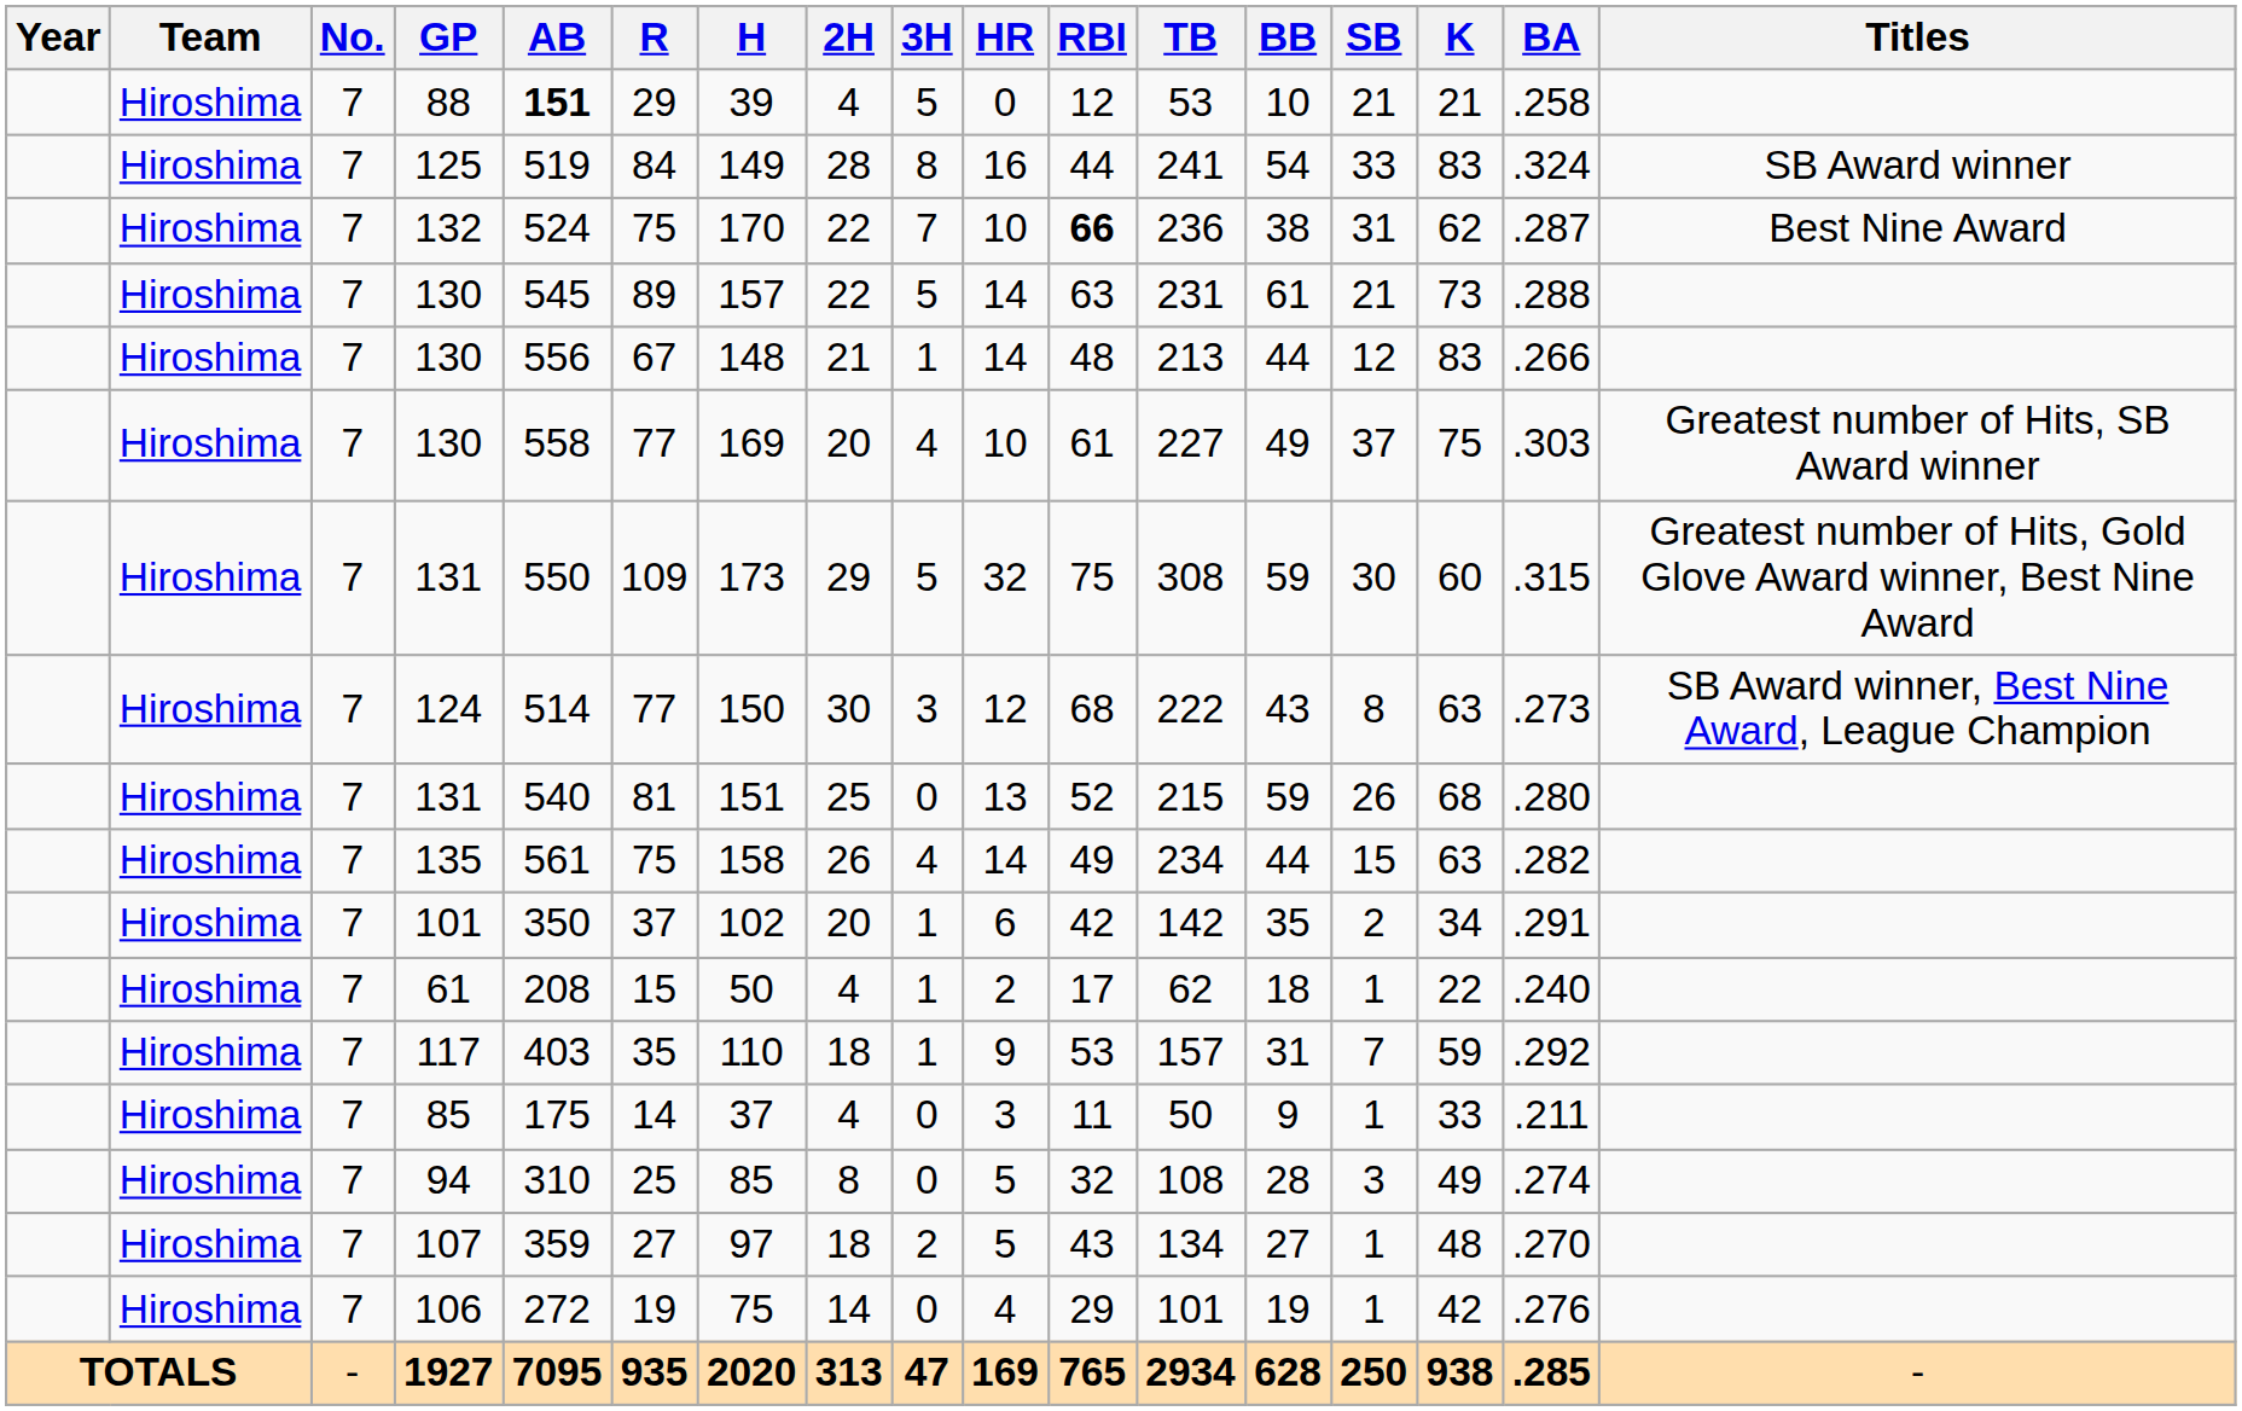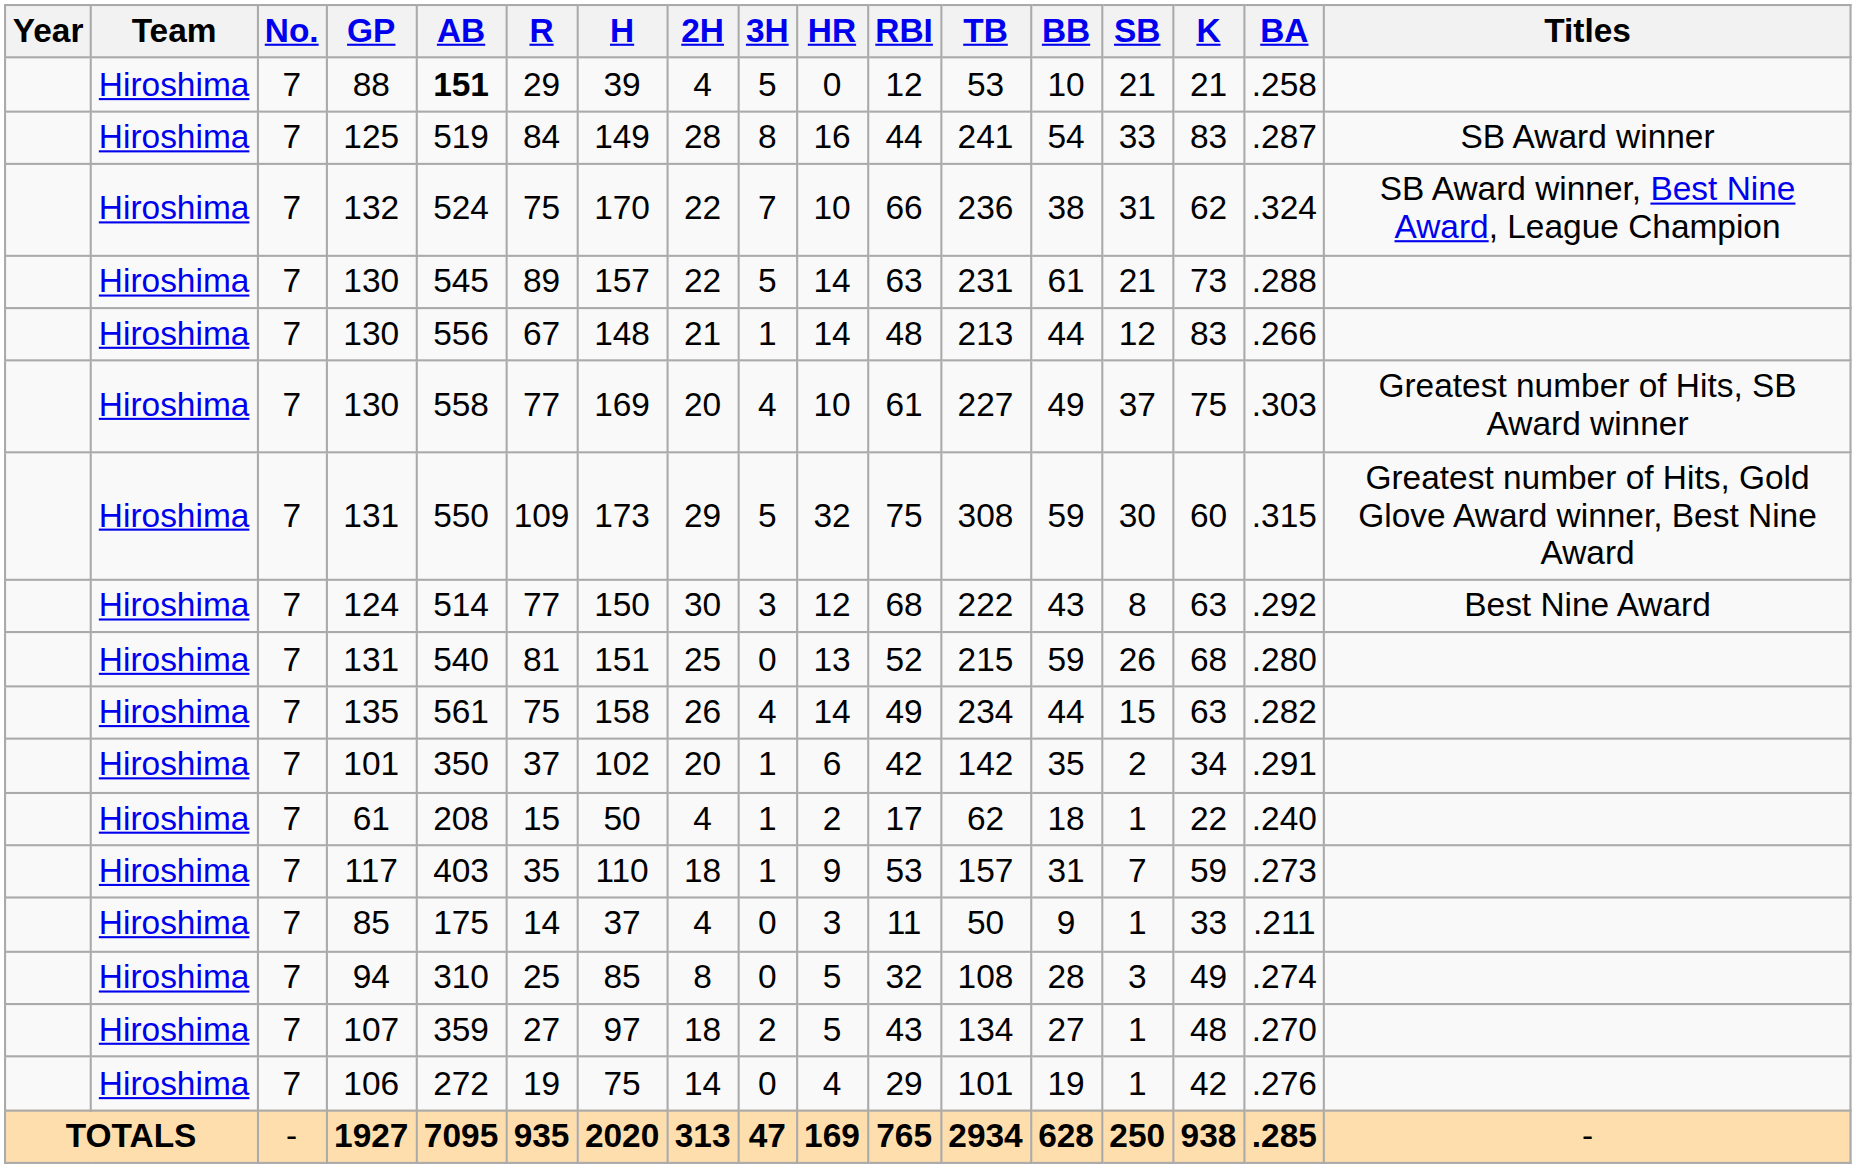 <table class="wikitable" style="margin:1em auto;">
 <tr>
 <th>Year</th>
 <th>Team</th>
 <th><a href='#'>No.</a></th>
 <th><a href='#'>GP</a></th>
 <th><a href='#'>AB</a></th>
 <th><a href='#'>R</a></th>
 <th><a href='#'>H</a></th>
 <th><a href='#'>2H</a></th>
 <th><a href='#'>3H</a></th>
 <th><a href='#'>HR</a></th>
 <th><a href='#'>RBI</a></th>
 <th><a href='#'>TB</a></th>
 <th><a href='#'>BB</a></th>
 <th><a href='#'>SB</a></th>
 <th><a href='#'>K</a></th>
 <th><a href='#'>BA</a></th>
 <th>Titles</th>
 </tr>
 <tr align=center>
 <td></td>
 <td><a href='#'>Hiroshima</a></td>
 <td>7</td>
 <td>88</td>
 <td><strong>151</strong></td>
 <td>29</td>
 <td>39</td>
 <td>4</td>
 <td>5</td>
 <td>0</td>
 <td>12</td>
 <td>53</td>
 <td>10</td>
 <td>21</td>
 <td>21</td>
 <td>.258</td>
 <td></td>
 </tr>
 <tr align=center>
 <td></td>
 <td><a href='#'>Hiroshima</a></td>
 <td>7</td>
 <td>125</td>
 <td>519</td>
 <td>84</td>
 <td>149</td>
 <td>28</td>
 <td>8</td>
 <td>16</td>
 <td>44</td>
 <td>241</td>
 <td>54</td>
 <td>33</td>
 <td>83</td>
-<td>.324</td>
+<td>.287</td>
 <td>SB Award winner</td>
 </tr>
 <tr align=center>
 <td></td>
 <td><a href='#'>Hiroshima</a></td>
 <td>7</td>
 <td>132</td>
 <td>524</td>
 <td>75</td>
 <td>170</td>
 <td>22</td>
 <td>7</td>
 <td>10</td>
-<td><strong>66</strong></td>
+<td>66</td>
 <td>236</td>
 <td>38</td>
 <td>31</td>
 <td>62</td>
-<td>.287</td>
-<td>Best Nine Award</td>
+<td>.324</td>
+<td>SB Award winner, <a href='#'>Best Nine Award</a>, League Champion</td>
 </tr>
 <tr align=center>
 <td></td>
 <td><a href='#'>Hiroshima</a></td>
 <td>7</td>
 <td>130</td>
 <td>545</td>
 <td>89</td>
 <td>157</td>
 <td>22</td>
 <td>5</td>
 <td>14</td>
 <td>63</td>
 <td>231</td>
 <td>61</td>
 <td>21</td>
 <td>73</td>
 <td>.288</td>
 <td></td>
 </tr>
 <tr align=center>
 <td></td>
 <td><a href='#'>Hiroshima</a></td>
 <td>7</td>
 <td>130</td>
 <td>556</td>
 <td>67</td>
 <td>148</td>
 <td>21</td>
 <td>1</td>
 <td>14</td>
 <td>48</td>
 <td>213</td>
 <td>44</td>
 <td>12</td>
 <td>83</td>
 <td>.266</td>
 <td></td>
 </tr>
 <tr align=center>
 <td></td>
 <td><a href='#'>Hiroshima</a></td>
 <td>7</td>
 <td>130</td>
 <td>558</td>
 <td>77</td>
 <td>169</td>
 <td>20</td>
 <td>4</td>
 <td>10</td>
 <td>61</td>
 <td>227</td>
 <td>49</td>
 <td>37</td>
 <td>75</td>
 <td>.303</td>
 <td>Greatest number of Hits, SB Award winner</td>
 </tr>
 <tr align=center>
 <td></td>
 <td><a href='#'>Hiroshima</a></td>
 <td>7</td>
 <td>131</td>
 <td>550</td>
 <td>109</td>
 <td>173</td>
 <td>29</td>
 <td>5</td>
 <td>32</td>
 <td>75</td>
 <td>308</td>
 <td>59</td>
 <td>30</td>
 <td>60</td>
 <td>.315</td>
 <td>Greatest number of Hits, Gold Glove Award winner, Best Nine Award</td>
 </tr>
 <tr align=center>
 <td></td>
 <td><a href='#'>Hiroshima</a></td>
 <td>7</td>
 <td>124</td>
 <td>514</td>
 <td>77</td>
 <td>150</td>
 <td>30</td>
 <td>3</td>
 <td>12</td>
 <td>68</td>
 <td>222</td>
 <td>43</td>
 <td>8</td>
 <td>63</td>
-<td>.273</td>
-<td>SB Award winner, <a href='#'>Best Nine Award</a>, League Champion</td>
+<td>.292</td>
+<td>Best Nine Award</td>
 </tr>
 <tr align=center>
 <td></td>
 <td><a href='#'>Hiroshima</a></td>
 <td>7</td>
 <td>131</td>
 <td>540</td>
 <td>81</td>
 <td>151</td>
 <td>25</td>
 <td>0</td>
 <td>13</td>
 <td>52</td>
 <td>215</td>
 <td>59</td>
 <td>26</td>
 <td>68</td>
 <td>.280</td>
 <td></td>
 </tr>
 <tr align=center>
 <td></td>
 <td><a href='#'>Hiroshima</a></td>
 <td>7</td>
 <td>135</td>
 <td>561</td>
 <td>75</td>
 <td>158</td>
 <td>26</td>
 <td>4</td>
 <td>14</td>
 <td>49</td>
 <td>234</td>
 <td>44</td>
 <td>15</td>
 <td>63</td>
 <td>.282</td>
 <td></td>
 </tr>
 <tr align=center>
 <td></td>
 <td><a href='#'>Hiroshima</a></td>
 <td>7</td>
 <td>101</td>
 <td>350</td>
 <td>37</td>
 <td>102</td>
 <td>20</td>
 <td>1</td>
 <td>6</td>
 <td>42</td>
 <td>142</td>
 <td>35</td>
 <td>2</td>
 <td>34</td>
 <td>.291</td>
 <td></td>
 </tr>
 <tr align=center>
 <td></td>
 <td><a href='#'>Hiroshima</a></td>
 <td>7</td>
 <td>61</td>
 <td>208</td>
 <td>15</td>
 <td>50</td>
 <td>4</td>
 <td>1</td>
 <td>2</td>
 <td>17</td>
 <td>62</td>
 <td>18</td>
 <td>1</td>
 <td>22</td>
 <td>.240</td>
 <td></td>
 </tr>
 <tr align=center>
 <td></td>
 <td><a href='#'>Hiroshima</a></td>
 <td>7</td>
 <td>117</td>
 <td>403</td>
 <td>35</td>
 <td>110</td>
 <td>18</td>
 <td>1</td>
 <td>9</td>
 <td>53</td>
 <td>157</td>
 <td>31</td>
 <td>7</td>
 <td>59</td>
-<td>.292</td>
+<td>.273</td>
 <td></td>
 </tr>
 <tr align=center>
 <td></td>
 <td><a href='#'>Hiroshima</a></td>
 <td>7</td>
 <td>85</td>
 <td>175</td>
 <td>14</td>
 <td>37</td>
 <td>4</td>
 <td>0</td>
 <td>3</td>
 <td>11</td>
 <td>50</td>
 <td>9</td>
 <td>1</td>
 <td>33</td>
 <td>.211</td>
 <td></td>
 </tr>
 <tr align=center>
 <td></td>
 <td><a href='#'>Hiroshima</a></td>
 <td>7</td>
 <td>94</td>
 <td>310</td>
 <td>25</td>
 <td>85</td>
 <td>8</td>
 <td>0</td>
 <td>5</td>
 <td>32</td>
 <td>108</td>
 <td>28</td>
 <td>3</td>
 <td>49</td>
 <td>.274</td>
 <td></td>
 </tr>
 <tr align=center>
 <td></td>
 <td><a href='#'>Hiroshima</a></td>
 <td>7</td>
 <td>107</td>
 <td>359</td>
 <td>27</td>
 <td>97</td>
 <td>18</td>
 <td>2</td>
 <td>5</td>
 <td>43</td>
 <td>134</td>
 <td>27</td>
 <td>1</td>
 <td>48</td>
 <td>.270</td>
 <td></td>
 </tr>
 <tr align=center>
 <td></td>
 <td><a href='#'>Hiroshima</a></td>
 <td>7</td>
 <td>106</td>
 <td>272</td>
 <td>19</td>
 <td>75</td>
 <td>14</td>
 <td>0</td>
 <td>4</td>
 <td>29</td>
 <td>101</td>
 <td>19</td>
 <td>1</td>
 <td>42</td>
 <td>.276</td>
 <td></td>
 </tr>
 <tr align=center style="background: #ffdead;">
 <td colspan=2><strong>TOTALS</strong></td>
 <td>-</td>
 <td><strong>1927</strong></td>
 <td><strong>7095</strong></td>
 <td><strong>935</strong></td>
 <td><strong>2020</strong></td>
 <td><strong>313</strong></td>
 <td><strong>47</strong></td>
 <td><strong>169</strong></td>
 <td><strong>765</strong></td>
 <td><strong>2934</strong></td>
 <td><strong>628</strong></td>
 <td><strong>250</strong></td>
 <td><strong>938</strong></td>
 <td><strong>.285</strong></td>
 <td>-</td>
 </tr>
 </table>
